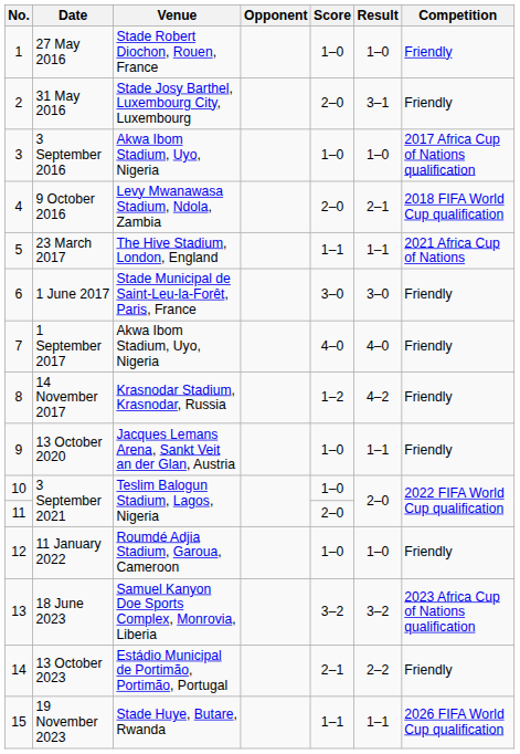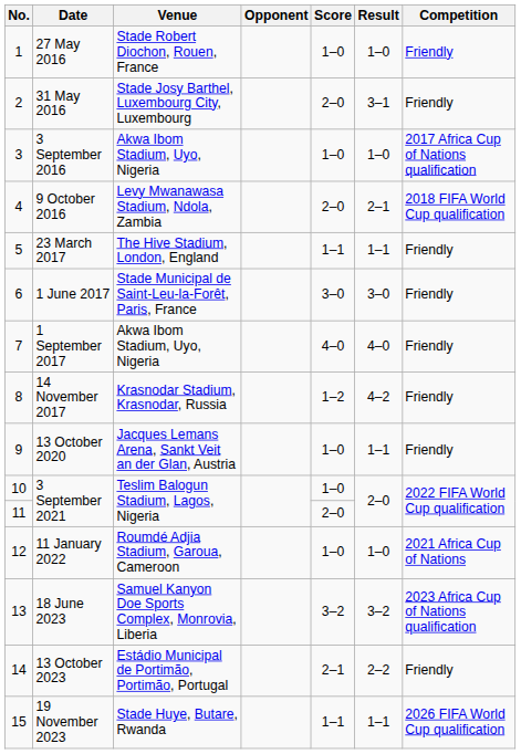 <table class="wikitable sortable">
 <tr>
 <th scope=col>No.</th>
 <th scope=col>Date</th>
 <th scope=col>Venue</th>
 <th scope=col>Opponent</th>
 <th scope=col>Score</th>
 <th scope=col>Result</th>
 <th scope=col>Competition</th>
 </tr>
 <tr>
 <td align=center>1</td>
 <td>27 May 2016</td>
 <td><a href='#'>Stade Robert Diochon</a>, <a href='#'>Rouen</a>, France</td>
 <td></td>
 <td align=center>1–0</td>
 <td align=center>1–0</td>
 <td><a href='#'>Friendly</a></td>
 </tr>
 <tr>
 <td align=center>2</td>
 <td>31 May 2016</td>
 <td><a href='#'>Stade Josy Barthel</a>, <a href='#'>Luxembourg City</a>, Luxembourg</td>
 <td></td>
 <td align=center>2–0</td>
 <td align=center>3–1</td>
 <td>Friendly</td>
 </tr>
 <tr>
 <td align=center>3</td>
 <td>3 September 2016</td>
 <td><a href='#'>Akwa Ibom Stadium</a>, <a href='#'>Uyo</a>, Nigeria</td>
 <td></td>
 <td align=center>1–0</td>
 <td align=center>1–0</td>
 <td><a href='#'>2017 Africa Cup of Nations qualification</a></td>
 </tr>
 <tr>
 <td align=center>4</td>
 <td>9 October 2016</td>
 <td><a href='#'>Levy Mwanawasa Stadium</a>, <a href='#'>Ndola</a>, Zambia</td>
 <td></td>
 <td align=center>2–0</td>
 <td align=center>2–1</td>
 <td><a href='#'>2018 FIFA World Cup qualification</a></td>
 </tr>
 <tr>
 <td align=center>5</td>
 <td>23 March 2017</td>
 <td><a href='#'>The Hive Stadium</a>, <a href='#'>London</a>, England</td>
 <td></td>
 <td align=center>1–1</td>
 <td align=center>1–1</td>
-<td><a href='#'>2021 Africa Cup of Nations</a></td>
+<td>Friendly</td>
 </tr>
 <tr>
 <td align=center>6</td>
 <td>1 June 2017</td>
 <td><a href='#'>Stade Municipal de Saint-Leu-la-Forêt</a>, <a href='#'>Paris</a>, France</td>
 <td></td>
 <td align=center>3–0</td>
 <td align=center>3–0</td>
 <td>Friendly</td>
 </tr>
 <tr>
 <td align=center>7</td>
 <td>1 September 2017</td>
 <td>Akwa Ibom Stadium, Uyo, Nigeria</td>
 <td></td>
 <td align=center>4–0</td>
 <td align=center>4–0</td>
 <td>Friendly</td>
 </tr>
 <tr>
 <td align=center>8</td>
 <td>14 November 2017</td>
 <td><a href='#'>Krasnodar Stadium</a>, <a href='#'>Krasnodar</a>, Russia</td>
 <td></td>
 <td align=center>1–2</td>
 <td align=center>4–2</td>
 <td>Friendly</td>
 </tr>
 <tr>
 <td align=center>9</td>
 <td>13 October 2020</td>
 <td><a href='#'>Jacques Lemans Arena</a>, <a href='#'>Sankt Veit an der Glan</a>, Austria</td>
 <td></td>
 <td align=center>1–0</td>
 <td align=center>1–1</td>
 <td>Friendly</td>
 </tr>
 <tr>
 <td align=center>10</td>
 <td rowspan=2>3 September 2021</td>
 <td rowspan=2><a href='#'>Teslim Balogun Stadium</a>, <a href='#'>Lagos</a>, Nigeria</td>
 <td rowspan=2></td>
 <td align=center>1–0</td>
 <td rowspan=2 align=center>2–0</td>
 <td rowspan=2><a href='#'>2022 FIFA World Cup qualification</a></td>
 </tr>
 <tr>
 <td align=center>11</td>
 <td align="center">2–0</td>
 </tr>
 <tr>
 <td align=center>12</td>
 <td>11 January 2022</td>
 <td><a href='#'>Roumdé Adjia Stadium</a>, <a href='#'>Garoua</a>, Cameroon</td>
 <td></td>
 <td align=center>1–0</td>
 <td align=center>1–0</td>
-<td>Friendly</td>
+<td><a href='#'>2021 Africa Cup of Nations</a></td>
 </tr>
 <tr>
 <td align=center>13</td>
 <td>18 June 2023</td>
 <td><a href='#'>Samuel Kanyon Doe Sports Complex</a>, <a href='#'>Monrovia</a>, Liberia</td>
 <td></td>
 <td align=center>3–2</td>
 <td align=center>3–2</td>
 <td><a href='#'>2023 Africa Cup of Nations qualification</a></td>
 </tr>
 <tr>
 <td align=center>14</td>
 <td>13 October 2023</td>
 <td><a href='#'>Estádio Municipal de Portimão</a>, <a href='#'>Portimão</a>, Portugal</td>
 <td></td>
 <td align=center>2–1</td>
 <td align=center>2–2</td>
 <td>Friendly</td>
 </tr>
 <tr>
 <td align=center>15</td>
 <td>19 November 2023</td>
 <td><a href='#'>Stade Huye</a>, <a href='#'>Butare</a>, Rwanda</td>
 <td></td>
 <td align=center>1–1</td>
 <td align=center>1–1</td>
 <td><a href='#'>2026 FIFA World Cup qualification</a></td>
 </tr>
 </table>
